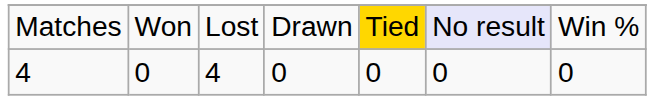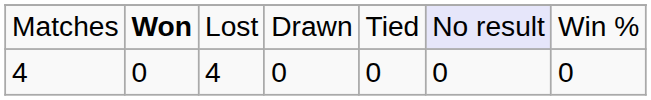 <table class="wikitable" style="float: right; margin-left: 1em;">
 <tr>
 </tr>
 <tr>
 <td>Matches</td>
-<td>Won</td>
+<td><strong>Won</strong></td>
 <td>Lost</td>
 <td>Drawn</td>
-<td style="background: gold;">Tied</td>
+<td>Tied</td>
 <td style="background: lavender;">No result</td>
 <td>Win %</td>
 </tr>
 <tr>
 <td>4</td>
 <td>0</td>
 <td>4</td>
 <td>0</td>
 <td>0</td>
 <td>0</td>
 <td>0</td>
 </tr>
 </table>
